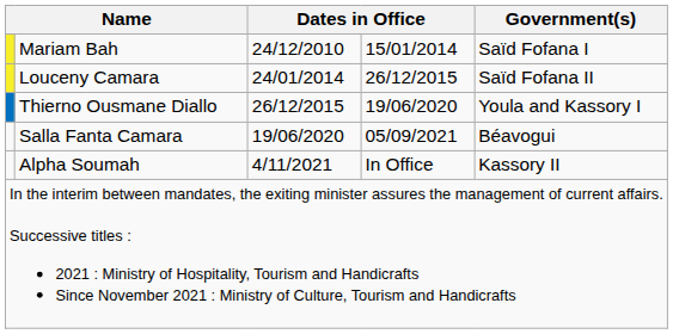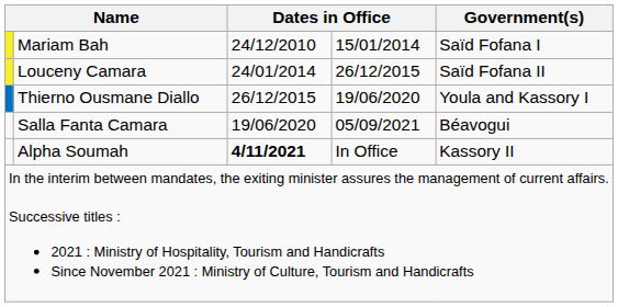 <table class="wikitable alternance">
 <tr>
 <th colspan="2" scope="col">Name</th>
 <th colspan="2" scope="col">Dates in Office</th>
 <th scope="col">Government(s)</th>
 </tr>
 <tr>
 <td bgcolor="#F7EF28"></td>
 <td>Mariam Bah</td>
 <td>24/12/2010</td>
 <td>15/01/2014</td>
 <td>Saïd Fofana I</td>
 </tr>
 <tr>
 <td bgcolor="#F7EF28"></td>
 <td>Louceny Camara</td>
 <td>24/01/2014</td>
 <td>26/12/2015</td>
 <td>Saïd Fofana II</td>
 </tr>
 <tr>
 <td bgcolor="#0070C0"></td>
 <td>Thierno Ousmane Diallo</td>
 <td>26/12/2015</td>
 <td>19/06/2020</td>
 <td>Youla and Kassory I</td>
 </tr>
 <tr>
 <td></td>
 <td>Salla Fanta Camara</td>
 <td>19/06/2020</td>
 <td>05/09/2021</td>
 <td>Béavogui</td>
 </tr>
 <tr>
 <td></td>
 <td>Alpha Soumah</td>
-<td>4/11/2021</td>
+<td><strong>4/11/2021</strong></td>
 <td>In Office</td>
 <td>Kassory II</td>
 </tr>
 <tr>
 <td colspan="6"><small>In the interim between mandates, the exiting minister assures the management of current affairs.<br><br>Successive titles : </small><br><ul><li><small>2021 : Ministry of Hospitality, Tourism and Handicrafts</small></li><li><small> Since November 2021 : Ministry of Culture, Tourism and Handicrafts</small></li></ul></td>
 </tr>
 </table>
